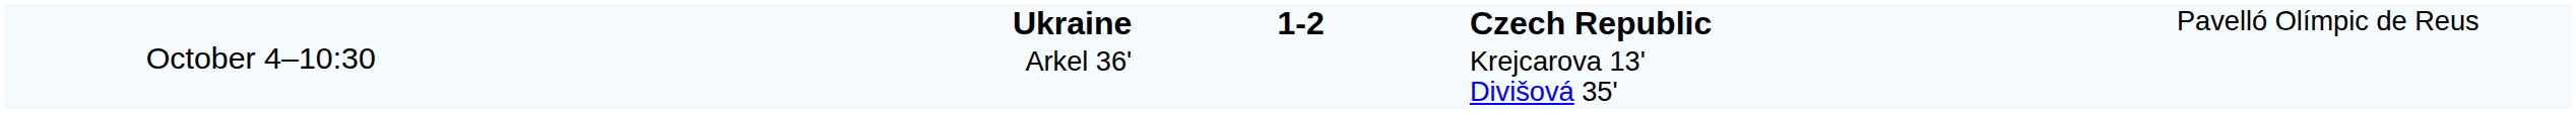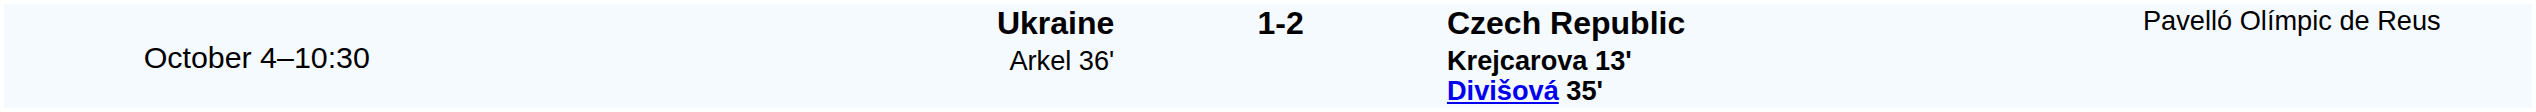 <table style="width: 100%; background:#F5FAFF;" cellspacing="0">
 <tr>
 <td style=font-size:95% align=center rowspan=3 width=20%>October 4–10:30</td>
 </tr>
 <tr>
 <td width=24% align=right><strong>Ukraine</strong></td>
 <td align=center width=13%><strong>1-2</strong></td>
 <td width=24%><strong>Czech Republic</strong></td>
 <td style=font-size:85% rowspan=3 valign=top align=center>Pavelló Olímpic de Reus</td>
 </tr>
 <tr style=font-size:85%>
 <td align=right valign=top>Arkel 36'</td>
 <td></td>
-<td valign=top>Krejcarova 13'<br><a href='#'>Divišová</a> 35'</td>
+<td valign=top><strong>Krejcarova 13'<br><a href='#'>Divišová</a> 35'</strong></td>
 </tr>
 </table>
